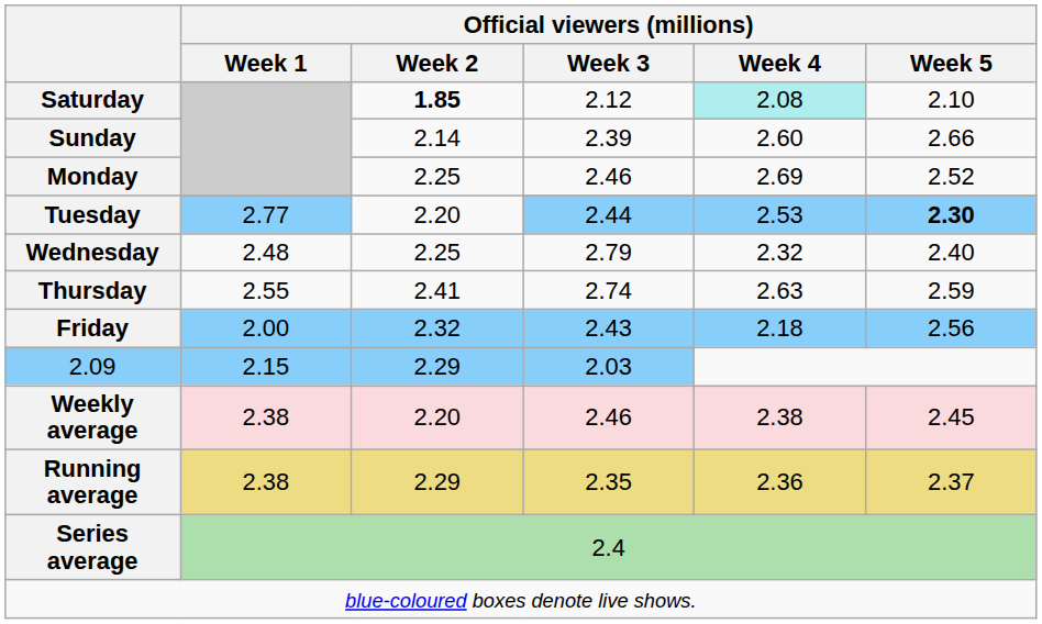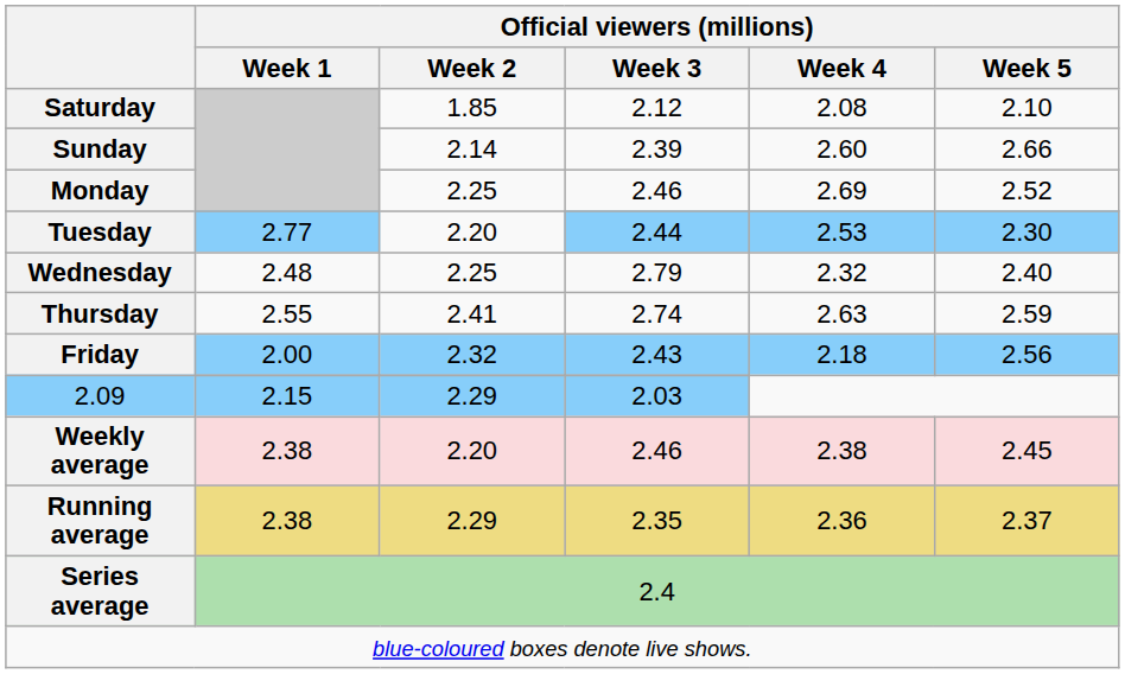 <table class="wikitable" style="font-size:90%; text-align:center; width: 70%; margin-left: auto; margin-right: auto;">
 <tr>
 <th scope="col" rowspan="2" style="width:17%;"></th>
 <th scope=col colspan=5>Official viewers (millions)</th>
 </tr>
 <tr>
 <th>Week 1</th>
 <th>Week 2</th>
 <th>Week 3</th>
 <th>Week 4</th>
 <th>Week 5</th>
 </tr>
 <tr>
 <th>Saturday</th>
 <td style="background:#ccc;" rowspan="3"></td>
-<td><strong>1.85</strong></td>
+<td>1.85</td>
 <td>2.12</td>
-<td style="background: paleturquoise;">2.08</td>
+<td>2.08</td>
 <td>2.10</td>
 </tr>
 <tr>
 <th>Sunday</th>
 <td>2.14</td>
 <td>2.39</td>
 <td>2.60</td>
 <td>2.66</td>
 </tr>
 <tr>
 <th>Monday</th>
 <td>2.25</td>
 <td>2.46</td>
 <td>2.69</td>
 <td>2.52</td>
 </tr>
 <tr>
 <th>Tuesday</th>
 <td style="background:#87CEFA;">2.77</td>
 <td>2.20</td>
 <td style="background:#87CEFA;">2.44</td>
 <td style="background:#87CEFA;">2.53</td>
-<td style="background:#87CEFA;"><strong>2.30</strong></td>
+<td style="background:#87CEFA;">2.30</td>
 </tr>
 <tr>
 <th>Wednesday</th>
 <td>2.48</td>
 <td>2.25</td>
 <td>2.79</td>
 <td>2.32</td>
 <td>2.40</td>
 </tr>
 <tr>
 <th>Thursday</th>
 <td>2.55</td>
 <td>2.41</td>
 <td>2.74</td>
 <td>2.63</td>
 <td>2.59</td>
 </tr>
 <tr>
 <th rowspan="2">Friday</th>
 <td style="background:#87CEFA;">2.00</td>
 <td style="background:#87CEFA;">2.32</td>
 <td style="background:#87CEFA;">2.43</td>
 <td style="background:#87CEFA;">2.18</td>
 <td rowspan=2 style="background:#87CEFA;">2.56</td>
 </tr>
 <tr style="background:#FADADD;" |>
 </tr>
 <tr>
 <td style="background:#87CEFA;">2.09</td>
 <td style="background:#87CEFA;">2.15</td>
 <td style="background:#87CEFA;">2.29</td>
 <td style="background:#87CEFA;">2.03</td>
 </tr>
 <tr style="background:#FADADD;" |>
 <th>Weekly average</th>
 <td>2.38</td>
 <td>2.20</td>
 <td>2.46</td>
 <td>2.38</td>
 <td>2.45</td>
 </tr>
 <tr style="background:#EEDC82;" |>
 <th>Running average</th>
 <td>2.38</td>
 <td>2.29</td>
 <td>2.35</td>
 <td>2.36</td>
 <td>2.37</td>
 </tr>
 <tr style="background:#ADDFAD;" |>
 <th>Series average</th>
 <td colspan="5">2.4</td>
 </tr>
 <tr>
 <td colspan=6><small><em><a href='#'>blue-coloured</a> boxes denote live shows.</em></small></td>
 </tr>
 </table>
